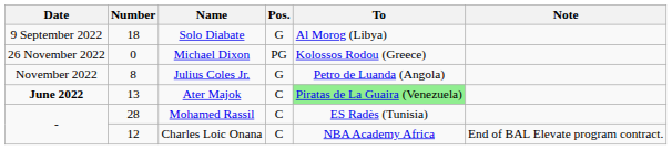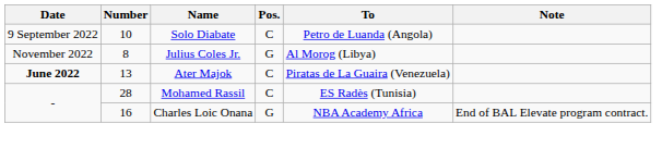 <table class="wikitable sortable sortable" style="text-align: center">
 <tr>
 <th>Date</th>
 <th>Number</th>
 <th>Name</th>
 <th>Pos.</th>
 <th class="unsortable">To</th>
 <th>Note</th>
 </tr>
 <tr>
 <td>9 September 2022</td>
-<td>18</td>
+<td>10</td>
 <td><a href='#'>Solo Diabate</a></td>
-<td>G</td>
-<td align="left"><a href='#'>Al Morog</a> (Libya)</td>
-<td></td>
-</tr>
-<tr>
-<td>26 November 2022</td>
-<td>0</td>
-<td><a href='#'>Michael Dixon</a></td>
-<td>PG</td>
-<td align="left"><a href='#'>Kolossos Rodou</a> (Greece)</td>
+<td>C</td>
+<td><a href='#'>Petro de Luanda</a> (Angola)</td>
 <td></td>
 </tr>
 <tr>
 <td>November 2022</td>
 <td>8</td>
 <td><a href='#'>Julius Coles Jr.</a></td>
 <td>G</td>
-<td><a href='#'>Petro de Luanda</a> (Angola)</td>
+<td align="left"><a href='#'>Al Morog</a> (Libya)</td>
 <td></td>
 </tr>
 <tr>
 <td><strong>June 2022</strong></td>
 <td>13</td>
 <td><a href='#'>Ater Majok</a></td>
 <td>C</td>
-<td align="left" style="background: lightgreen;"><a href='#'>Piratas de La Guaira</a> (Venezuela)</td>
+<td align="left"><a href='#'>Piratas de La Guaira</a> (Venezuela)</td>
 <td></td>
 </tr>
 <tr>
 <td rowspan="2">-</td>
 <td>28</td>
 <td><a href='#'>Mohamed Rassil</a></td>
 <td>C</td>
 <td><a href='#'>ES Radès</a> (Tunisia)</td>
 <td></td>
 </tr>
 <tr>
-<td>12</td>
+<td>16</td>
 <td>Charles Loic Onana</td>
-<td>C</td>
+<td>G</td>
 <td><a href='#'>NBA Academy Africa</a></td>
 <td>End of BAL Elevate program contract.</td>
 </tr>
 </table>
